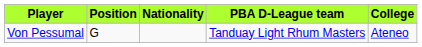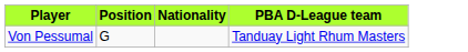 <table class="wikitable sortable sortable">
 <tr>
 <th style="background:#ADFF2F; color:#000000; ">Player</th>
 <th style="background:#ADFF2F; color:#000000; ">Position</th>
 <th style="background:#ADFF2F; color:#000000; ">Nationality</th>
 <th style="background:#ADFF2F; color:#000000; ">PBA D-League team</th>
-<th style="background:#ADFF2F; color:#000000; ">College</th>
 </tr>
 <tr>
 <td><a href='#'>Von Pessumal</a></td>
 <td>G</td>
 <td></td>
 <td><a href='#'>Tanduay Light Rhum Masters</a></td>
-<td><a href='#'>Ateneo</a></td>
 </tr>
 </table>
